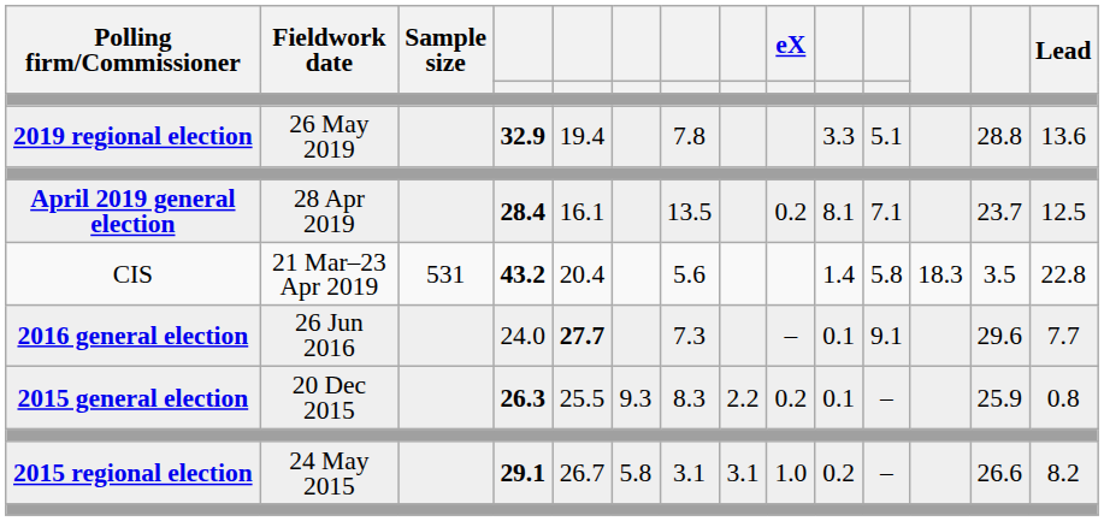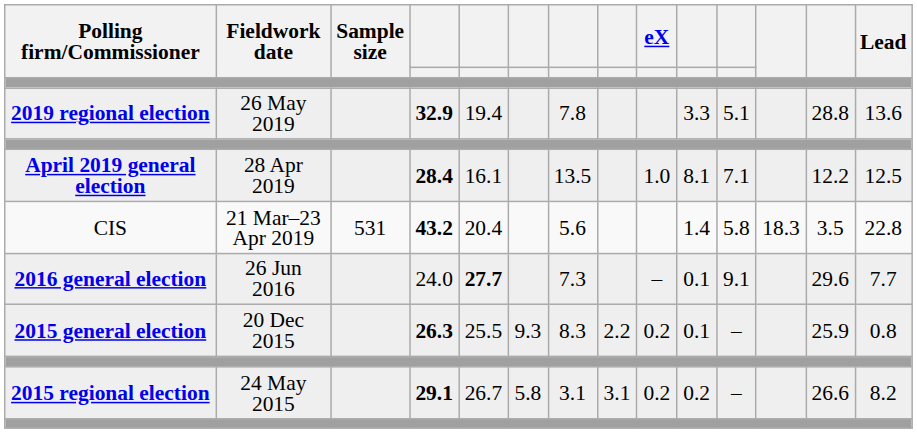 <table class="wikitable collapsible collapsed" style="text-align:center; font-size:90%; line-height:14px;">
 <tr style="height:42px;">
 <th style="width:250px;" rowspan="2">Polling firm/Commissioner</th>
 <th style="width:125px;" rowspan="2">Fieldwork date</th>
 <th style="width:50px;" rowspan="2">Sample size</th>
 <th style="width:35px;"></th>
 <th style="width:35px;"></th>
 <th style="width:35px;"></th>
 <th style="width:35px;"></th>
 <th style="width:35px;"></th>
 <th style="width:35px;"><a href='#'>eX</a></th>
 <th style="width:35px;"></th>
 <th style="width:35px;"></th>
 <th style="width:35px;" rowspan="2"></th>
 <th style="width:35px;" rowspan="2"></th>
 <th style="width:30px;" rowspan="2">Lead</th>
 </tr>
 <tr>
 <th style="color:inherit;background:"></th>
 <th style="color:inherit;background:"></th>
 <th style="color:inherit;background:"></th>
 <th style="color:inherit;background:"></th>
 <th style="color:inherit;background:"></th>
 <th style="color:inherit;background:"></th>
 <th style="color:inherit;background:"></th>
 <th style="color:inherit;background:"></th>
 </tr>
 <tr>
 <td colspan="14" style="background:#A0A0A0"></td>
 </tr>
 <tr style="background:#EFEFEF;">
 <td><strong><a href='#'>2019 regional election</a></strong></td>
 <td>26 May 2019</td>
 <td></td>
 <td><strong>32.9</strong></td>
 <td>19.4</td>
 <td></td>
 <td>7.8</td>
 <td></td>
 <td></td>
 <td>3.3</td>
 <td>5.1</td>
 <td></td>
 <td>28.8</td>
 <td style="background:">13.6</td>
 </tr>
 <tr>
 <td colspan="14" style="background:#A0A0A0"></td>
 </tr>
 <tr style="background:#EFEFEF;">
 <td><strong><a href='#'>April 2019 general election</a></strong></td>
 <td>28 Apr 2019</td>
 <td></td>
 <td><strong>28.4</strong></td>
 <td>16.1</td>
 <td></td>
 <td>13.5</td>
 <td></td>
-<td>0.2</td>
+<td>1.0</td>
 <td>8.1</td>
 <td>7.1</td>
 <td></td>
-<td>23.7</td>
+<td>12.2</td>
 <td style="background:">12.5</td>
 </tr>
 <tr>
 <td>CIS</td>
 <td>21 Mar–23 Apr 2019</td>
 <td>531</td>
 <td><strong>43.2</strong></td>
 <td>20.4</td>
 <td></td>
 <td>5.6</td>
 <td></td>
 <td></td>
 <td>1.4</td>
 <td>5.8</td>
 <td>18.3</td>
 <td>3.5</td>
 <td style="background:">22.8</td>
 </tr>
 <tr style="background:#EFEFEF;">
 <td><strong><a href='#'>2016 general election</a></strong></td>
 <td>26 Jun 2016</td>
 <td></td>
 <td>24.0</td>
 <td><strong>27.7</strong></td>
 <td></td>
 <td>7.3</td>
 <td></td>
 <td>–</td>
 <td>0.1</td>
 <td>9.1</td>
 <td></td>
 <td>29.6</td>
 <td style="background:">7.7</td>
 </tr>
 <tr style="background:#EFEFEF;">
 <td><strong><a href='#'>2015 general election</a></strong></td>
 <td>20 Dec 2015</td>
 <td></td>
 <td><strong>26.3</strong></td>
 <td>25.5</td>
 <td>9.3</td>
 <td>8.3</td>
 <td>2.2</td>
 <td>0.2</td>
 <td>0.1</td>
 <td>–</td>
 <td></td>
 <td>25.9</td>
 <td style="background:">0.8</td>
 </tr>
 <tr>
 <td colspan="14" style="background:#A0A0A0"></td>
 </tr>
 <tr style="background:#EFEFEF;">
 <td><strong><a href='#'>2015 regional election</a></strong></td>
 <td>24 May 2015</td>
 <td></td>
 <td><strong>29.1</strong></td>
 <td>26.7</td>
 <td>5.8</td>
 <td>3.1</td>
 <td>3.1</td>
-<td>1.0</td>
+<td>0.2</td>
 <td>0.2</td>
 <td>–</td>
 <td></td>
 <td>26.6</td>
 <td style="background:">8.2</td>
 </tr>
 <tr>
 <td colspan="14" style="background:#A0A0A0"></td>
 </tr>
 </table>
